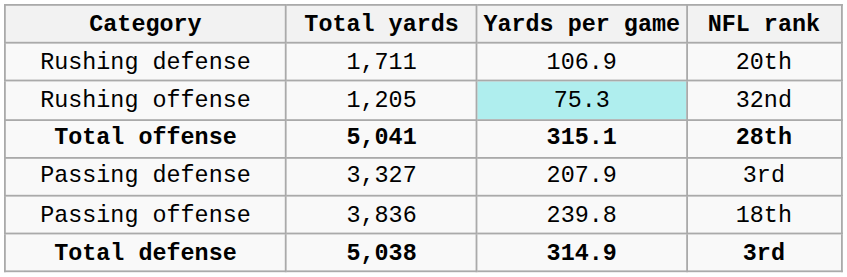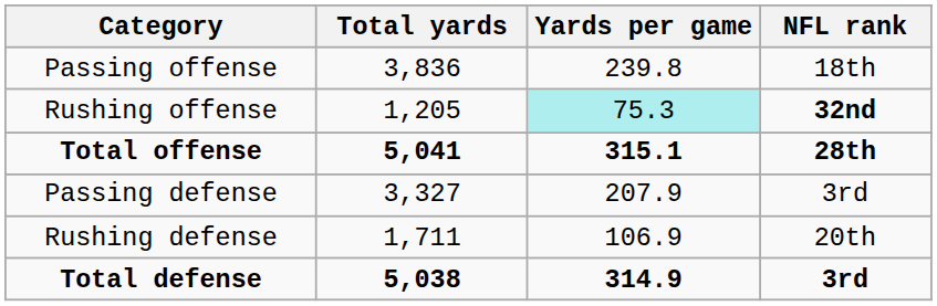 <table class="wikitable" style="text-align:center">
 <tr>
 <th width=150px>Category</th>
 <th width=100px>Total yards</th>
 <th width=110px>Yards per game</th>
 <th width=80px>NFL rank<br></th>
 </tr>
 <tr>
-<td>Rushing defense</td>
-<td>1,711</td>
-<td>106.9</td>
-<td>20th</td>
+<td>Passing offense</td>
+<td>3,836</td>
+<td>239.8</td>
+<td>18th</td>
 </tr>
 <tr>
 <td>Rushing offense</td>
 <td>1,205</td>
 <td style="background: paleturquoise;">75.3</td>
-<td>32nd</td>
+<td><strong>32nd</strong></td>
 </tr>
 <tr>
 <td><strong>Total offense</strong></td>
 <td><strong>5,041</strong></td>
 <td><strong>315.1</strong></td>
 <td><strong>28th</strong></td>
 </tr>
 <tr>
 <td>Passing defense</td>
 <td>3,327</td>
 <td>207.9</td>
 <td>3rd</td>
 </tr>
 <tr>
-<td>Passing offense</td>
-<td>3,836</td>
-<td>239.8</td>
-<td>18th</td>
+<td>Rushing defense</td>
+<td>1,711</td>
+<td>106.9</td>
+<td>20th</td>
 </tr>
 <tr>
 <td><strong>Total defense</strong></td>
 <td><strong>5,038</strong></td>
 <td><strong>314.9</strong></td>
 <td><strong>3rd</strong></td>
 </tr>
 </table>
